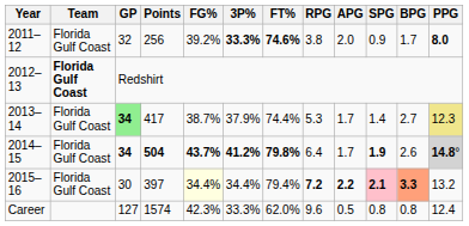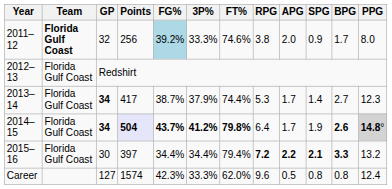 <table class="wikitable">
 <tr>
 <th>Year</th>
 <th>Team</th>
 <th>GP</th>
 <th>Points</th>
 <th>FG%</th>
 <th>3P%</th>
 <th>FT%</th>
 <th>RPG</th>
 <th>APG</th>
 <th>SPG</th>
 <th>BPG</th>
 <th>PPG</th>
 </tr>
 <tr>
 <td>2011–12</td>
-<td>Florida Gulf Coast</td>
+<td><strong>Florida Gulf Coast</strong></td>
 <td>32</td>
 <td>256</td>
-<td>39.2%</td>
-<td><strong>33.3%</strong></td>
-<td><strong>74.6%</strong></td>
+<td style="background: lightblue;">39.2%</td>
+<td>33.3%</td>
+<td>74.6%</td>
 <td>3.8</td>
 <td>2.0</td>
 <td>0.9</td>
 <td>1.7</td>
-<td><strong>8.0</strong></td>
+<td>8.0</td>
 </tr>
 <tr>
 <td>2012–13</td>
-<td><strong>Florida Gulf Coast</strong></td>
+<td>Florida Gulf Coast</td>
 <td colspan="10">Redshirt</td>
 </tr>
 <tr>
 <td>2013–14</td>
 <td>Florida Gulf Coast</td>
-<td style="background: lightgreen;"><strong>34</strong></td>
+<td><strong>34</strong></td>
 <td>417</td>
 <td>38.7%</td>
 <td>37.9%</td>
 <td>74.4%</td>
 <td>5.3</td>
 <td>1.7</td>
 <td>1.4</td>
 <td>2.7</td>
-<td style="background: khaki;">12.3</td>
+<td>12.3</td>
 </tr>
 <tr>
 <td>2014–15</td>
 <td>Florida Gulf Coast</td>
 <td><strong>34</strong></td>
-<td><strong>504</strong></td>
+<td style="background: lavender;"><strong>504</strong></td>
 <td><strong>43.7%</strong></td>
 <td><strong>41.2%</strong></td>
 <td><strong>79.8%</strong></td>
 <td>6.4</td>
 <td>1.7</td>
-<td><strong>1.9</strong></td>
-<td>2.6</td>
+<td>1.9</td>
+<td><strong>2.6</strong></td>
 <td style="background:#D3D3D3"><strong>14.8</strong>°</td>
 </tr>
 <tr>
 <td>2015–16</td>
 <td>Florida Gulf Coast</td>
 <td>30</td>
 <td>397</td>
-<td style="background: lightyellow;">34.4%</td>
+<td>34.4%</td>
 <td>34.4%</td>
 <td>79.4%</td>
 <td><strong>7.2</strong></td>
 <td><strong>2.2</strong></td>
-<td style="background: pink;"><strong>2.1</strong></td>
-<td style="background: lightsalmon;"><strong>3.3</strong></td>
+<td><strong>2.1</strong></td>
+<td><strong>3.3</strong></td>
 <td>13.2</td>
 </tr>
 <tr>
 <td>Career</td>
 <td></td>
 <td>127</td>
 <td>1574</td>
 <td>42.3%</td>
 <td>33.3%</td>
 <td>62.0%</td>
 <td>9.6</td>
 <td>0.5</td>
 <td>0.8</td>
 <td>0.8</td>
 <td>12.4</td>
 </tr>
 </table>
